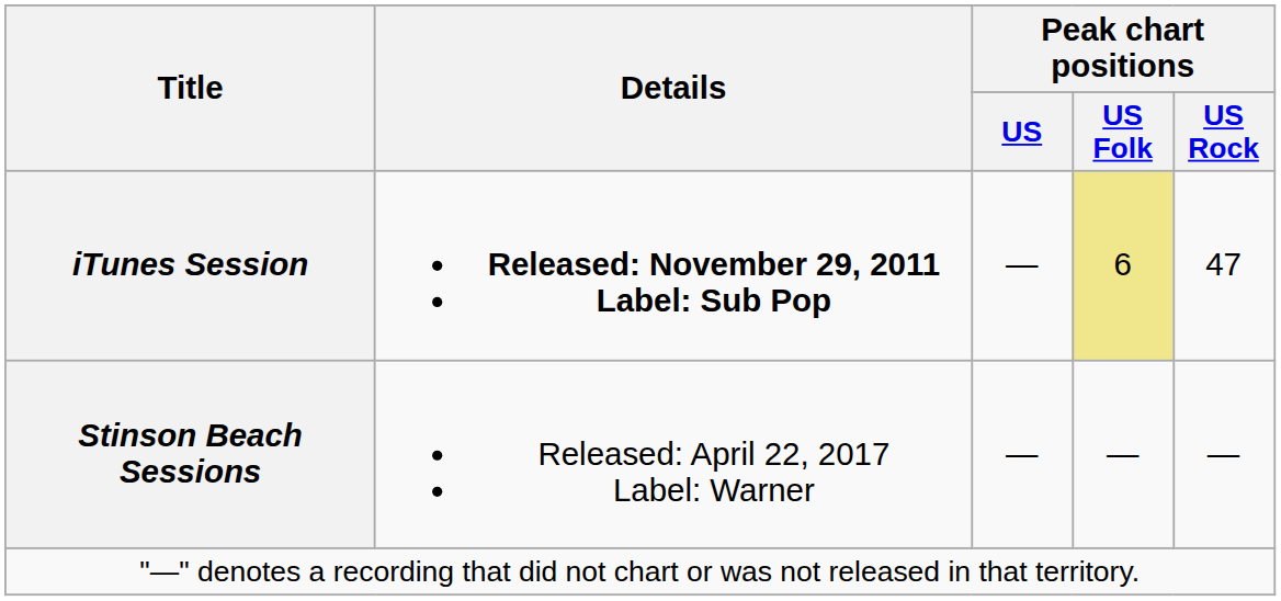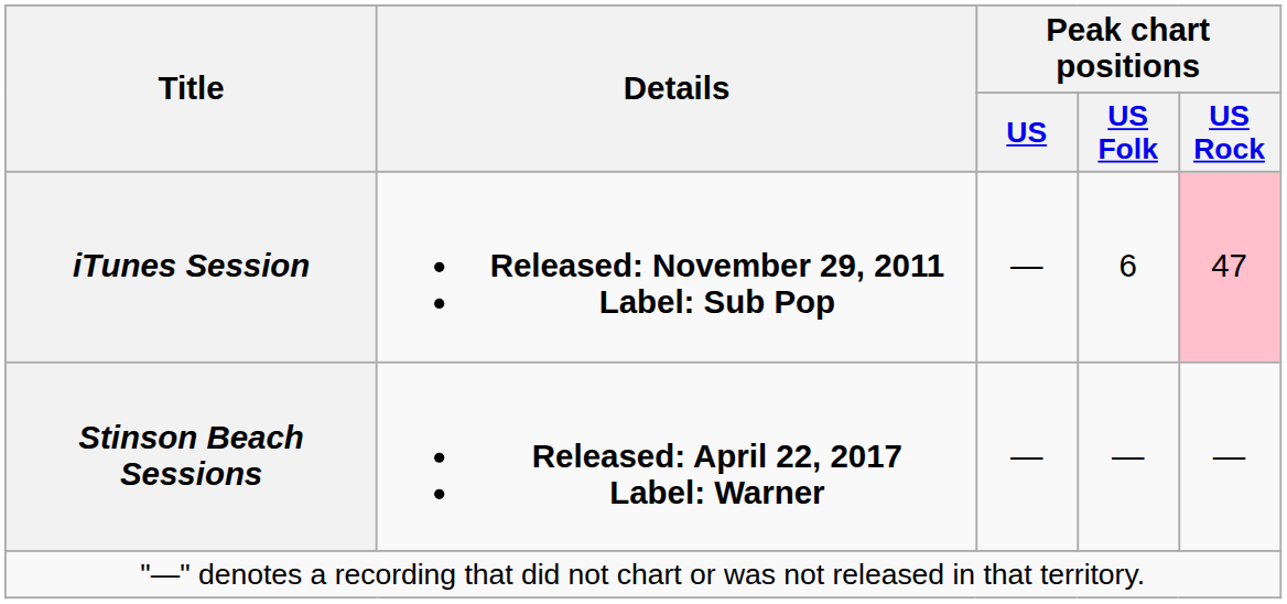 <table class="wikitable plainrowheaders" style="text-align:center;">
 <tr>
 <th scope="col" rowspan="2" style="width:11em;">Title</th>
 <th scope="col" rowspan="2" style="width:18em;">Details</th>
 <th scope="col" colspan="3">Peak chart positions</th>
 </tr>
 <tr>
 <th scope="col" style="width:3em;font-size:90%;"><a href='#'>US</a><br></th>
 <th scope="col" style="width:3em;font-size:90%;"><a href='#'>US Folk</a><br></th>
 <th scope="col" style="width:3em;font-size:90%;"><a href='#'>US<br>Rock</a><br></th>
 </tr>
 <tr>
 <th scope="row"><em>iTunes Session</em></th>
 <td><strong><br><ul><li>Released: November 29, 2011</li><li>Label: Sub Pop</li></ul></strong></td>
 <td>—</td>
-<td style="background: khaki;">6</td>
-<td>47</td>
+<td>6</td>
+<td style="background: pink;">47</td>
 </tr>
 <tr>
 <th scope="row"><em>Stinson Beach Sessions</em></th>
-<td><br><ul><li>Released: April 22, 2017</li><li>Label: Warner</li></ul></td>
+<td><strong><br><ul><li>Released: April 22, 2017</li><li>Label: Warner</li></ul></strong></td>
 <td>—</td>
 <td>—</td>
 <td>—</td>
 </tr>
 <tr>
 <td colspan="12" style="font-size:90%">"—" denotes a recording that did not chart or was not released in that territory.</td>
 </tr>
 </table>
